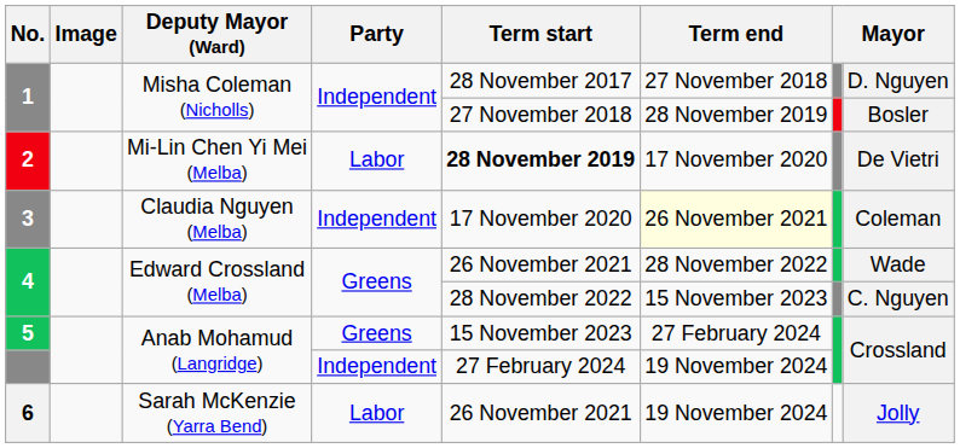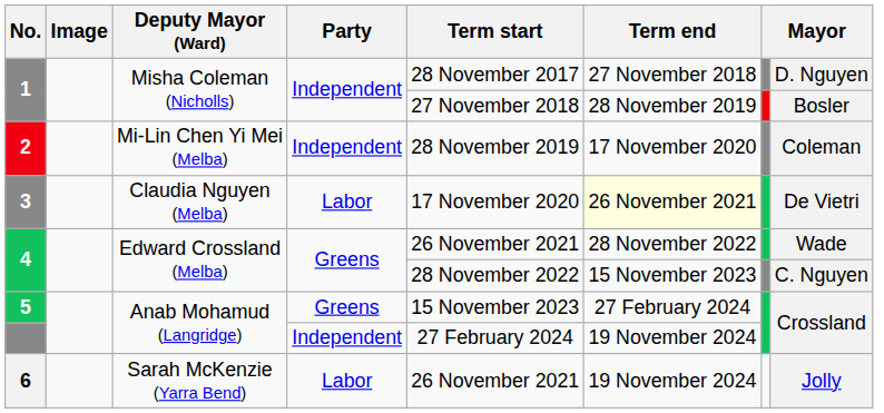 <table class="wikitable">
 <tr>
 <th>No.</th>
 <th>Image</th>
 <th>Deputy Mayor <br> <small> (Ward) </small></th>
 <th>Party</th>
 <th>Term start</th>
 <th>Term end</th>
 <th colspan="3">Mayor</th>
 </tr>
 <tr>
 <th rowspan="2"; style="background:#888888; color:white">1</th>
 <td rowspan="2"; align="center"></td>
 <td rowspan="2"; align="center">Misha Coleman <br> <small> (<a href='#'>Nicholls</a>) </small></td>
 <td rowspan="2"; align="center"><a href='#'>Independent</a></td>
 <td align="center">28 November 2017</td>
 <td align="center">27 November 2018</td>
 <td rowspan="1" style="background-color:#888888; border-bottom:solid 0 gray"></td>
 <th rowspan="1" style="font-weight:normal">D. Nguyen <br> <small></small></th>
 </tr>
 <tr>
 <td align="center">27 November 2018</td>
 <td align="center">28 November 2019</td>
 <td rowspan="1" style="background-color:#F00011; border-bottom:solid 0 gray"></td>
 <th rowspan="1" style="font-weight:normal">Bosler <br> <small></small></th>
 </tr>
 <tr>
 <th style="background:#F00011; color:white">2</th>
 <td align="center"></td>
 <td align="center">Mi-Lin Chen Yi Mei <br> <small> (<a href='#'>Melba</a>) </small></td>
-<td align="center"><a href='#'>Labor</a></td>
-<td align="center"><strong>28 November 2019</strong></td>
+<td align="center"><a href='#'>Independent</a></td>
+<td align="center">28 November 2019</td>
 <td align="center">17 November 2020</td>
 <td rowspan="1" style="background-color:#888888; border-bottom:solid 0 gray"></td>
-<th rowspan="1" style="font-weight:normal">De Vietri <br> <small></small></th>
+<th rowspan="1" style="font-weight:normal">Coleman <br> <small></small></th>
 </tr>
 <tr>
 <th style="background:#888888; color:white">3</th>
 <td align="center"></td>
 <td align="center">Claudia Nguyen <br> <small> (<a href='#'>Melba</a>) </small></td>
-<td align="center"><a href='#'>Independent</a></td>
+<td align="center"><a href='#'>Labor</a></td>
 <td align="center">17 November 2020</td>
 <td align="center" style="background: lightyellow;">26 November 2021</td>
 <td rowspan="1" style="background-color:#11C25C; border-bottom:solid 0 gray"></td>
-<th rowspan="1" style="font-weight:normal">Coleman <br> <small></small></th>
+<th rowspan="1" style="font-weight:normal">De Vietri <br> <small></small></th>
 </tr>
 <tr>
 <th rowspan="2"; style="background:#11C25C; color:white">4</th>
 <td rowspan="2"; align="center"></td>
 <td rowspan="2"; align="center">Edward Crossland	<br> <small> (<a href='#'>Melba</a>) </small></td>
 <td rowspan="2"; align="center"><a href='#'>Greens</a></td>
 <td align="center">26 November 2021</td>
 <td align="center">28 November 2022</td>
 <td rowspan="1" style="background-color:#11C25C; border-bottom:solid 0 gray"></td>
 <th rowspan="1" style="font-weight:normal">Wade <br> <small></small></th>
 </tr>
 <tr>
 <td align="center">28 November 2022</td>
 <td align="center">15 November 2023</td>
 <td rowspan="1" style="background-color:#888888; border-bottom:solid 0 gray"></td>
 <th rowspan="1" style="font-weight:normal">C. Nguyen <br> <small></small></th>
 </tr>
 <tr>
 <th style="background:#11C25C; color:white">5</th>
 <td align="center"; rowspan="2"></td>
 <td align="center"; rowspan="2">Anab Mohamud	<br> <small> (<a href='#'>Langridge</a>) </small></td>
 <td align="center"><a href='#'>Greens</a></td>
 <td align="center">15 November 2023</td>
 <td align="center">27 February 2024</td>
 <td rowspan="2" style="background-color:#11C25C; border-bottom:solid 0 gray"></td>
 <th rowspan="2" style="font-weight:normal">Crossland <br> <small></small></th>
 </tr>
 <tr>
 <th style="background:#888888; color:white"></th>
 <td align="center"><a href='#'>Independent</a></td>
 <td align="center">27 February 2024</td>
 <td align="center">19 November 2024</td>
 </tr>
 <tr>
 <th rowspan="2" ; style="background:">6</th>
 <td align="center"></td>
 <td align="center">Sarah McKenzie	<br> <small> (<a href='#'>Yarra Bend</a>) </small></td>
 <td align="center"><a href='#'>Labor</a></td>
 <td align="center">26 November 2021</td>
 <td align="center">19 November 2024</td>
 <td rowspan="1" style="background-color:"></td>
 <th rowspan="1" style="font-weight:normal"><a href='#'>Jolly</a> <br> <small></small></th>
 </tr>
 </table>
